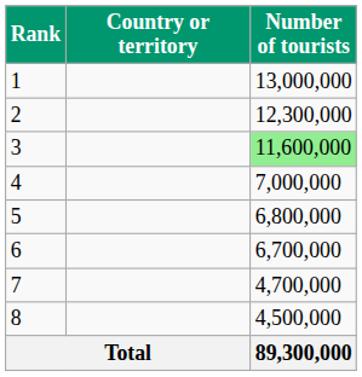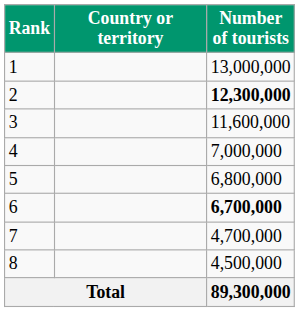 <table class="wikitable">
 <tr>
 </tr>
 <tr style="color:white;">
 <th style="width:5px; background:#00966E;">Rank</th>
 <th style="width:130px; background:#00966E;">Country or territory</th>
 <th style="width:50px; background:#00966E;">Number of tourists</th>
 </tr>
 <tr>
 <td>1</td>
 <td></td>
 <td>13,000,000</td>
 </tr>
 <tr>
 <td>2</td>
 <td></td>
-<td>12,300,000</td>
+<td><strong>12,300,000</strong></td>
 </tr>
 <tr>
 <td>3</td>
 <td><br></td>
-<td style="background: lightgreen;">11,600,000</td>
+<td>11,600,000</td>
 </tr>
 <tr>
 <td>4</td>
 <td></td>
 <td>7,000,000</td>
 </tr>
 <tr>
 <td>5</td>
 <td></td>
 <td>6,800,000</td>
 </tr>
 <tr>
 <td>6</td>
 <td></td>
-<td>6,700,000</td>
+<td><strong>6,700,000</strong></td>
 </tr>
 <tr>
 <td>7</td>
 <td></td>
 <td>4,700,000</td>
 </tr>
 <tr>
 <td>8</td>
 <td></td>
 <td>4,500,000</td>
 </tr>
 <tr>
 <th colspan=2>Total</th>
 <th>89,300,000</th>
 </tr>
 </table>
